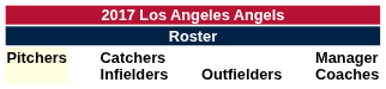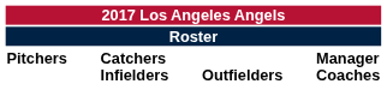 <table class="toccolours" style="font-size: 95%;">
 <tr>
 <th colspan="10" style="background-color: #B71234; color: white; text-align: center;">2017 Los Angeles Angels</th>
 </tr>
 <tr>
 <td colspan="10" style="background-color:#002244; color: white; text-align: center;"><strong>Roster</strong></td>
 </tr>
 <tr>
-<td valign="top" style="background: lightyellow;"><strong>Pitchers</strong><br>                              </td>
+<td valign="top"><strong>Pitchers</strong><br>                              </td>
 <td width="25px"></td>
 <td valign="top"><strong>Catchers</strong><br>   <strong>Infielders</strong>            </td>
 <td width="25px"></td>
 <td valign="top"><br><strong>Outfielders</strong>         </td>
 <td width="25px"></td>
 <td valign="top"><strong>Manager</strong><br> <strong>Coaches</strong>                    </td>
 </tr>
 </table>
